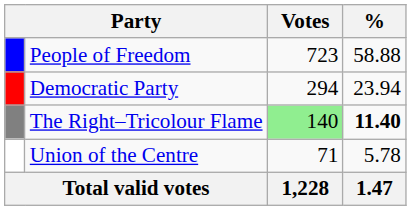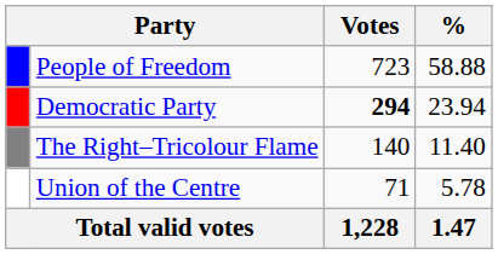 <table class="wikitable">
 <tr>
 <th colspan="2" style="width: 130px">Party</th>
 <th style="width: 50px">Votes</th>
 <th style="width: 40px">%</th>
 </tr>
 <tr>
 <td style="background-color:blue">  </td>
 <td style="text-align: left"><a href='#'>People of Freedom</a></td>
 <td style="text-align: right">723</td>
 <td style="text-align: right">58.88</td>
 </tr>
 <tr>
 <td style="background-color:red">  </td>
 <td style="text-align: left"><a href='#'>Democratic Party</a></td>
-<td style="text-align: right">294</td>
+<td style="text-align: right"><strong>294</strong></td>
 <td style="text-align: right">23.94</td>
 </tr>
 <tr>
 <td style="background-color:grey">  </td>
 <td style="text-align: left"><a href='#'>The Right–Tricolour Flame</a></td>
-<td align="right" style="background: lightgreen;">140</td>
-<td align="right"><strong>11.40</strong></td>
+<td align="right">140</td>
+<td align="right">11.40</td>
 </tr>
 <tr>
 <td style="background-color:white">  </td>
 <td style="text-align: left"><a href='#'>Union of the Centre</a></td>
 <td align="right">71</td>
 <td align="right">5.78</td>
 </tr>
 <tr bgcolor="white">
 <th align="right" colspan=2>Total valid votes</th>
 <th align="right">1,228</th>
 <th align="right">1.47</th>
 </tr>
 </table>
